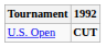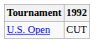 <table class="wikitable" style="font-size:95%;text-align:center;">
 <tr>
 <th>Tournament</th>
 <th>1992</th>
 </tr>
 <tr>
 <td align=left><a href='#'>U.S. Open</a></td>
-<td><strong>CUT</strong></td>
+<td>CUT</td>
 </tr>
 </table>
